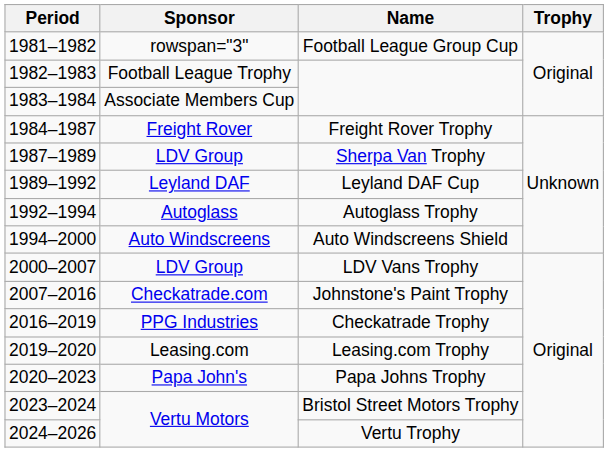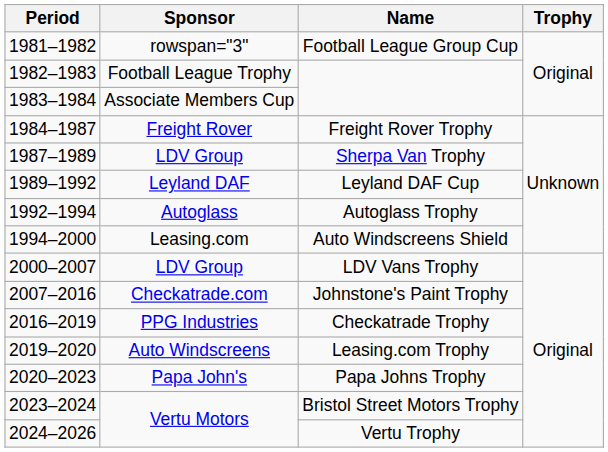 <table class="wikitable" style="text-align:center;margin-left:1em;">
 <tr>
 <th>Period</th>
 <th>Sponsor</th>
 <th>Name</th>
 <th>Trophy</th>
 </tr>
 <tr>
 <td>1981–1982</td>
 <td>rowspan="3" </td>
 <td>Football League Group Cup</td>
 <td rowspan="3">Original</td>
 </tr>
 <tr>
 <td>1982–1983</td>
 <td>Football League Trophy</td>
 </tr>
 <tr>
 <td>1983–1984</td>
 <td>Associate Members Cup</td>
 </tr>
 <tr>
 <td>1984–1987</td>
 <td><a href='#'>Freight Rover</a></td>
 <td>Freight Rover Trophy</td>
 <td rowspan="5">Unknown</td>
 </tr>
 <tr>
 <td>1987–1989</td>
 <td><a href='#'>LDV Group</a></td>
 <td><a href='#'>Sherpa Van</a> Trophy</td>
 </tr>
 <tr>
 <td>1989–1992</td>
 <td><a href='#'>Leyland DAF</a></td>
 <td>Leyland DAF Cup</td>
 </tr>
 <tr>
 <td>1992–1994</td>
 <td><a href='#'>Autoglass</a></td>
 <td>Autoglass Trophy</td>
 </tr>
 <tr>
 <td>1994–2000</td>
-<td><a href='#'>Auto Windscreens</a></td>
+<td>Leasing.com</td>
 <td>Auto Windscreens Shield</td>
 </tr>
 <tr>
 <td>2000–2007</td>
 <td><a href='#'>LDV Group</a></td>
 <td>LDV Vans Trophy</td>
 <td rowspan="7">Original</td>
 </tr>
 <tr>
 <td>2007–2016</td>
 <td><a href='#'>Checkatrade.com</a></td>
 <td>Johnstone's Paint Trophy</td>
 </tr>
 <tr>
 <td>2016–2019</td>
 <td><a href='#'>PPG Industries</a></td>
 <td>Checkatrade Trophy</td>
 </tr>
 <tr>
 <td>2019–2020</td>
-<td>Leasing.com</td>
+<td><a href='#'>Auto Windscreens</a></td>
 <td>Leasing.com Trophy</td>
 </tr>
 <tr>
 <td>2020–2023</td>
 <td><a href='#'>Papa John's</a></td>
 <td>Papa Johns Trophy</td>
 </tr>
 <tr>
 <td>2023–2024</td>
 <td rowspan="2"><a href='#'>Vertu Motors</a></td>
 <td>Bristol Street Motors Trophy</td>
 </tr>
 <tr>
 <td>2024–2026</td>
 <td>Vertu Trophy</td>
 </tr>
 </table>
